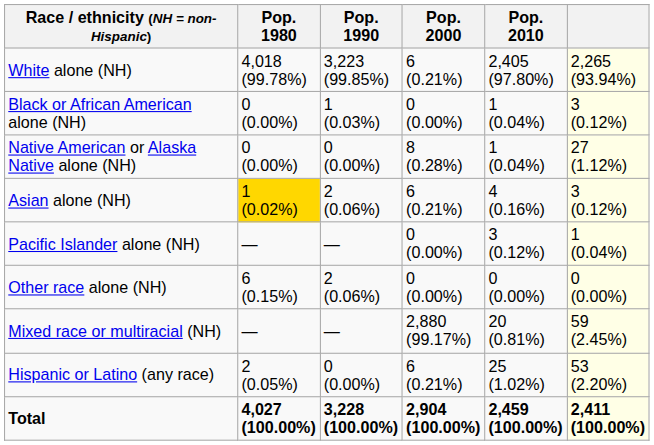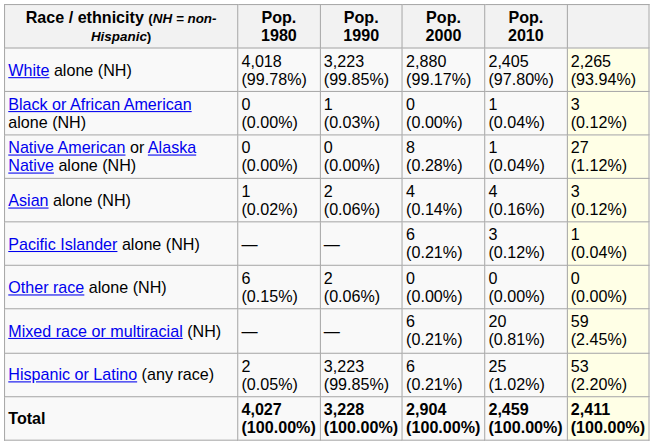 <table class="wikitable sortable collapsible" style="font-size: 95%;">
 <tr>
 <th>Race / ethnicity <small>(<em>NH = non-Hispanic</em>)</small></th>
 <th>Pop. 1980</th>
 <th>Pop. 1990</th>
 <th>Pop. 2000</th>
 <th>Pop. 2010</th>
 <th></th>
 </tr>
 <tr>
 <td><a href='#'>White</a> alone (NH)</td>
 <td>4,018<br>(99.78%)</td>
 <td>3,223<br>(99.85%)</td>
-<td>6<br>(0.21%)</td>
+<td>2,880<br>(99.17%)</td>
 <td>2,405<br>(97.80%)</td>
 <td style='background: #ffffe6;'>2,265<br>(93.94%)</td>
 </tr>
 <tr>
 <td><a href='#'>Black or African American</a> alone (NH)</td>
 <td>0<br>(0.00%)</td>
 <td>1<br>(0.03%)</td>
 <td>0<br>(0.00%)</td>
 <td>1<br>(0.04%)</td>
 <td style='background: #ffffe6;'>3<br>(0.12%)</td>
 </tr>
 <tr>
 <td><a href='#'>Native American</a> or <a href='#'>Alaska Native</a> alone (NH)</td>
 <td>0<br>(0.00%)</td>
 <td>0<br>(0.00%)</td>
 <td>8<br>(0.28%)</td>
 <td>1<br>(0.04%)</td>
 <td style='background: #ffffe6;'>27<br>(1.12%)</td>
 </tr>
 <tr>
 <td><a href='#'>Asian</a> alone (NH)</td>
-<td style="background: gold;">1<br>(0.02%)</td>
+<td>1<br>(0.02%)</td>
 <td>2<br>(0.06%)</td>
-<td>6<br>(0.21%)</td>
+<td>4<br>(0.14%)</td>
 <td>4<br>(0.16%)</td>
 <td style='background: #ffffe6;'>3<br>(0.12%)</td>
 </tr>
 <tr>
 <td><a href='#'>Pacific Islander</a> alone (NH)</td>
 <td>—</td>
 <td>—</td>
-<td>0<br>(0.00%)</td>
+<td>6<br>(0.21%)</td>
 <td>3<br>(0.12%)</td>
 <td style='background: #ffffe6;'>1<br>(0.04%)</td>
 </tr>
 <tr>
 <td><a href='#'>Other race</a> alone (NH)</td>
 <td>6<br>(0.15%)</td>
 <td>2<br>(0.06%)</td>
 <td>0<br>(0.00%)</td>
 <td>0<br>(0.00%)</td>
 <td style='background: #ffffe6;'>0<br>(0.00%)</td>
 </tr>
 <tr>
 <td><a href='#'>Mixed race or multiracial</a> (NH)</td>
 <td>—</td>
 <td>—</td>
-<td>2,880<br>(99.17%)</td>
+<td>6<br>(0.21%)</td>
 <td>20<br>(0.81%)</td>
 <td style='background: #ffffe6;'>59<br>(2.45%)</td>
 </tr>
 <tr>
 <td><a href='#'>Hispanic or Latino</a> (any race)</td>
 <td>2<br>(0.05%)</td>
-<td>0<br>(0.00%)</td>
+<td>3,223<br>(99.85%)</td>
 <td>6<br>(0.21%)</td>
 <td>25<br>(1.02%)</td>
 <td style='background: #ffffe6;'>53<br>(2.20%)</td>
 </tr>
 <tr>
 <td><strong>Total</strong></td>
 <td><strong>4,027<br>(100.00%)</strong></td>
 <td><strong>3,228<br>(100.00%)</strong></td>
 <td><strong>2,904<br>(100.00%)</strong></td>
 <td><strong>2,459<br>(100.00%)</strong></td>
 <td style='background: #ffffe6;'><strong>2,411<br>(100.00%)</strong></td>
 </tr>
 </table>
